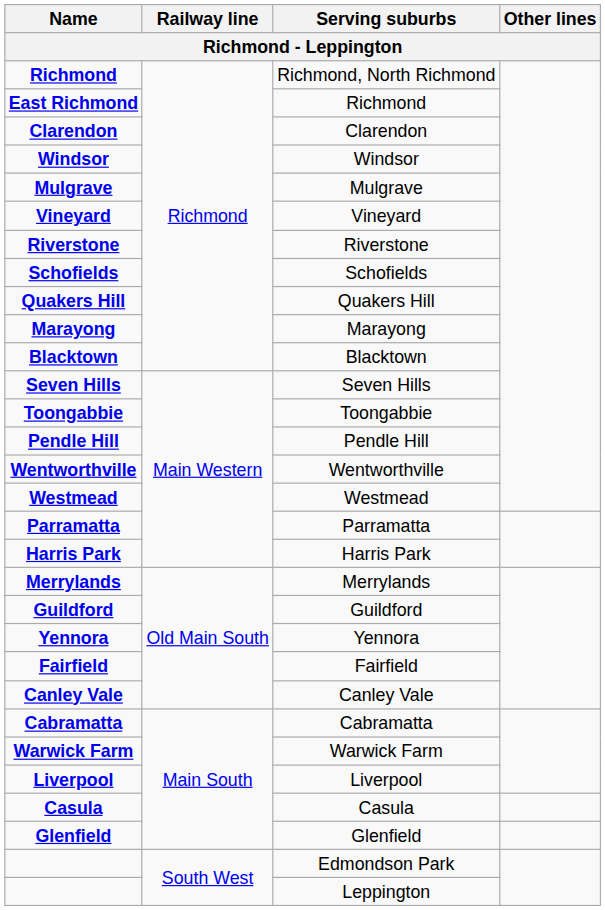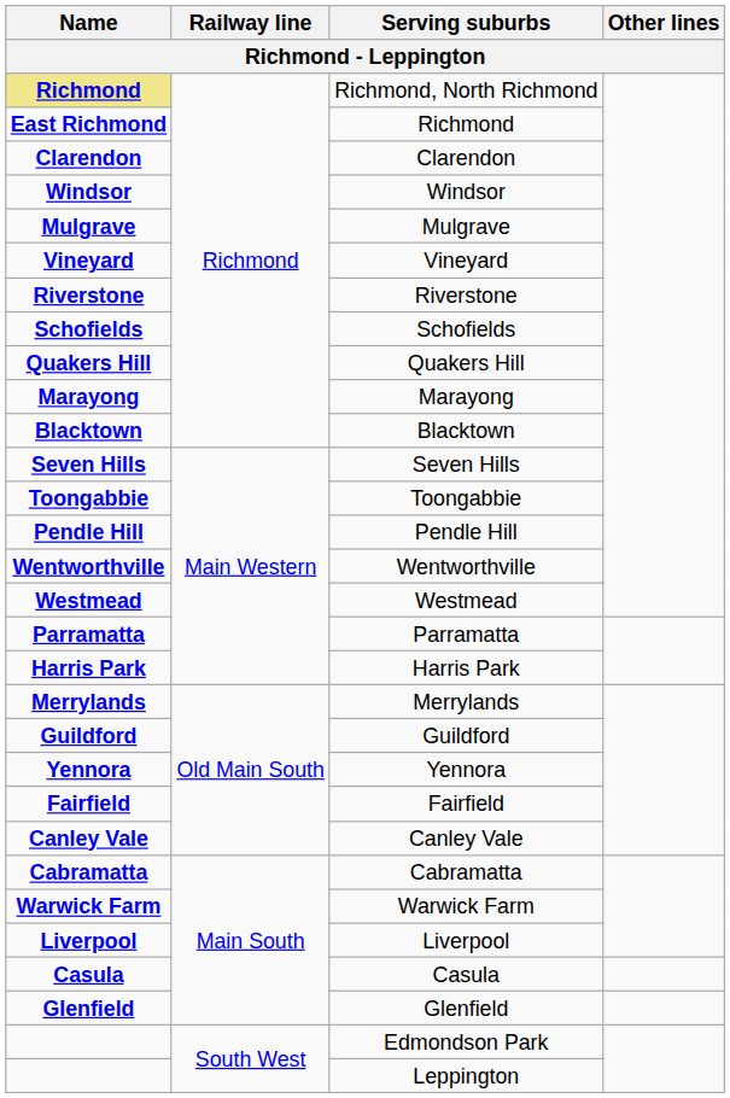 <table class="wikitable" style="font-size:95%; text-align:center; margin-left: auto; margin-right: auto;">
 <tr>
 <th>Name</th>
 <th>Railway line</th>
 <th>Serving suburbs</th>
 <th>Other lines</th>
 </tr>
 <tr>
 <th colspan=8 style=background:#><span>Richmond - Leppington</span></th>
 </tr>
 <tr>
-<td><strong><a href='#'>Richmond</a></strong></td>
+<td style="background: khaki;"><strong><a href='#'>Richmond</a></strong></td>
 <td rowspan=11><a href='#'>Richmond</a></td>
 <td>Richmond, North Richmond</td>
 <td rowspan="16"></td>
 </tr>
 <tr>
 <td><strong><a href='#'>East Richmond</a></strong></td>
 <td>Richmond</td>
 </tr>
 <tr>
 <td><strong><a href='#'>Clarendon</a></strong></td>
 <td>Clarendon</td>
 </tr>
 <tr>
 <td><strong><a href='#'>Windsor</a></strong></td>
 <td>Windsor</td>
 </tr>
 <tr>
 <td><strong><a href='#'>Mulgrave</a></strong></td>
 <td>Mulgrave</td>
 </tr>
 <tr>
 <td><strong><a href='#'>Vineyard</a></strong></td>
 <td>Vineyard</td>
 </tr>
 <tr>
 <td><strong><a href='#'>Riverstone</a></strong></td>
 <td>Riverstone</td>
 </tr>
 <tr>
 <td><strong><a href='#'>Schofields</a></strong></td>
 <td>Schofields</td>
 </tr>
 <tr>
 <td><strong><a href='#'>Quakers Hill</a></strong></td>
 <td>Quakers Hill</td>
 </tr>
 <tr>
 <td><strong><a href='#'>Marayong</a></strong></td>
 <td>Marayong</td>
 </tr>
 <tr>
 <td><strong><a href='#'>Blacktown</a></strong></td>
 <td>Blacktown</td>
 </tr>
 <tr>
 <td><strong><a href='#'>Seven Hills</a></strong></td>
 <td rowspan=7><a href='#'>Main Western</a></td>
 <td>Seven Hills</td>
 </tr>
 <tr>
 <td><strong><a href='#'>Toongabbie</a></strong></td>
 <td>Toongabbie</td>
 </tr>
 <tr>
 <td><strong><a href='#'>Pendle Hill</a></strong></td>
 <td>Pendle Hill</td>
 </tr>
 <tr>
 <td><strong><a href='#'>Wentworthville</a></strong></td>
 <td>Wentworthville</td>
 </tr>
 <tr>
 <td><strong><a href='#'>Westmead</a> </strong></td>
 <td>Westmead</td>
 </tr>
 <tr>
 <td><strong><a href='#'>Parramatta</a></strong></td>
 <td>Parramatta</td>
 <td rowspan="2"></td>
 </tr>
 <tr>
 <td><strong><a href='#'>Harris Park</a></strong></td>
 <td>Harris Park</td>
 </tr>
 <tr>
 <td><strong><a href='#'>Merrylands</a></strong></td>
 <td rowspan=5><a href='#'>Old Main South</a></td>
 <td>Merrylands</td>
 <td rowspan="5"></td>
 </tr>
 <tr>
 <td><strong><a href='#'>Guildford</a></strong></td>
 <td>Guildford</td>
 </tr>
 <tr>
 <td><strong><a href='#'>Yennora</a></strong></td>
 <td>Yennora</td>
 </tr>
 <tr>
 <td><strong><a href='#'>Fairfield</a></strong></td>
 <td>Fairfield</td>
 </tr>
 <tr>
 <td><strong><a href='#'>Canley Vale</a></strong></td>
 <td>Canley Vale</td>
 </tr>
 <tr>
 <td><strong><a href='#'>Cabramatta</a></strong></td>
 <td rowspan=5><a href='#'>Main South</a></td>
 <td>Cabramatta</td>
 <td rowspan="3"></td>
 </tr>
 <tr>
 <td><strong><a href='#'>Warwick Farm</a></strong></td>
 <td>Warwick Farm</td>
 </tr>
 <tr>
 <td><strong><a href='#'>Liverpool</a></strong></td>
 <td>Liverpool</td>
 </tr>
 <tr>
 <td><strong><a href='#'>Casula</a></strong></td>
 <td>Casula</td>
 <td></td>
 </tr>
 <tr>
 <td><strong><a href='#'>Glenfield</a></strong></td>
 <td>Glenfield</td>
 <td></td>
 </tr>
 <tr>
 <td><strong></strong></td>
 <td rowspan="2"><a href='#'>South West</a></td>
 <td>Edmondson Park</td>
 <td rowspan="2"></td>
 </tr>
 <tr>
 <td><strong></strong></td>
 <td>Leppington</td>
 </tr>
 </table>
